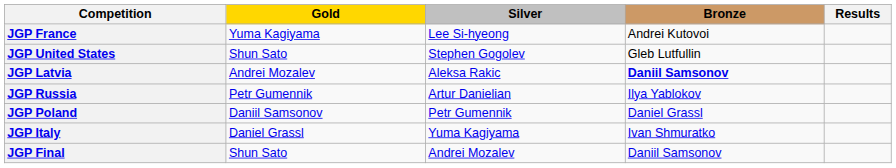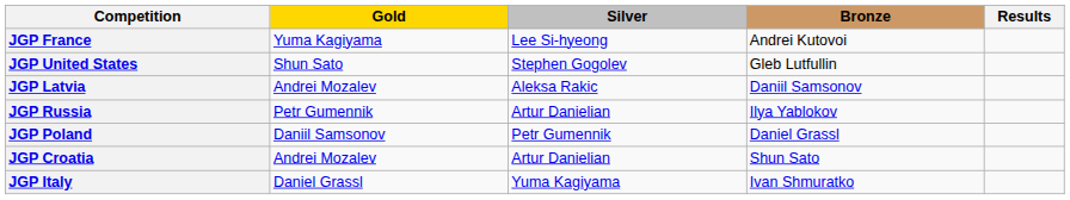 <table class="wikitable unsortable" style="text-align:left; width:90%">
 <tr>
 <th scope="col" style="text-align:center; width:25%;">Competition</th>
 <td scope="col" style="text-align:center; width:22.5%; background:gold"><strong>Gold</strong></td>
 <td scope="col" style="text-align:center; width:22.5%; background:silver"><strong>Silver</strong></td>
 <td scope="col" style="text-align:center; width:22.5%; background:#c96"><strong>Bronze</strong></td>
 <th scope="col" style="text-align:center; width:7.5%;">Results</th>
 </tr>
 <tr>
 <th scope="row" style="text-align:left"> <a href='#'>JGP France</a></th>
 <td> <a href='#'>Yuma Kagiyama</a></td>
 <td> <a href='#'>Lee Si-hyeong</a></td>
 <td> Andrei Kutovoi</td>
 <td></td>
 </tr>
 <tr>
 <th scope="row" style="text-align:left"> <a href='#'>JGP United States</a></th>
 <td> <a href='#'>Shun Sato</a></td>
 <td> <a href='#'>Stephen Gogolev</a></td>
 <td> Gleb Lutfullin</td>
 <td></td>
 </tr>
 <tr>
 <th scope="row" style="text-align:left"> <a href='#'>JGP Latvia</a></th>
 <td> <a href='#'>Andrei Mozalev</a></td>
 <td> <a href='#'>Aleksa Rakic</a></td>
-<td><strong> <a href='#'>Daniil Samsonov</a></strong></td>
+<td> <a href='#'>Daniil Samsonov</a></td>
 <td></td>
 </tr>
 <tr>
 <th scope="row" style="text-align:left"> <a href='#'>JGP Russia</a></th>
 <td> <a href='#'>Petr Gumennik</a></td>
 <td> <a href='#'>Artur Danielian</a></td>
 <td> <a href='#'>Ilya Yablokov</a></td>
 <td></td>
 </tr>
 <tr>
 <th scope="row" style="text-align:left"> <a href='#'>JGP Poland</a></th>
 <td> <a href='#'>Daniil Samsonov</a></td>
 <td> <a href='#'>Petr Gumennik</a></td>
 <td> <a href='#'>Daniel Grassl</a></td>
 <td></td>
 </tr>
 <tr>
+<th scope="row" style="text-align:left"> <a href='#'>JGP Croatia</a></th>
+<td> <a href='#'>Andrei Mozalev</a></td>
+<td> <a href='#'>Artur Danielian</a></td>
+<td> <a href='#'>Shun Sato</a></td>
+<td></td>
+</tr>
+<tr>
 <th scope="row" style="text-align:left"> <a href='#'>JGP Italy</a></th>
 <td> <a href='#'>Daniel Grassl</a></td>
 <td> <a href='#'>Yuma Kagiyama</a></td>
 <td> <a href='#'>Ivan Shmuratko</a></td>
 <td></td>
 </tr>
-<tr>
-<th scope="row" style="text-align:left"> <a href='#'>JGP Final</a></th>
-<td> <a href='#'>Shun Sato</a></td>
-<td> <a href='#'>Andrei Mozalev</a></td>
-<td> <a href='#'>Daniil Samsonov</a></td>
-<td></td>
-</tr>
 </table>
